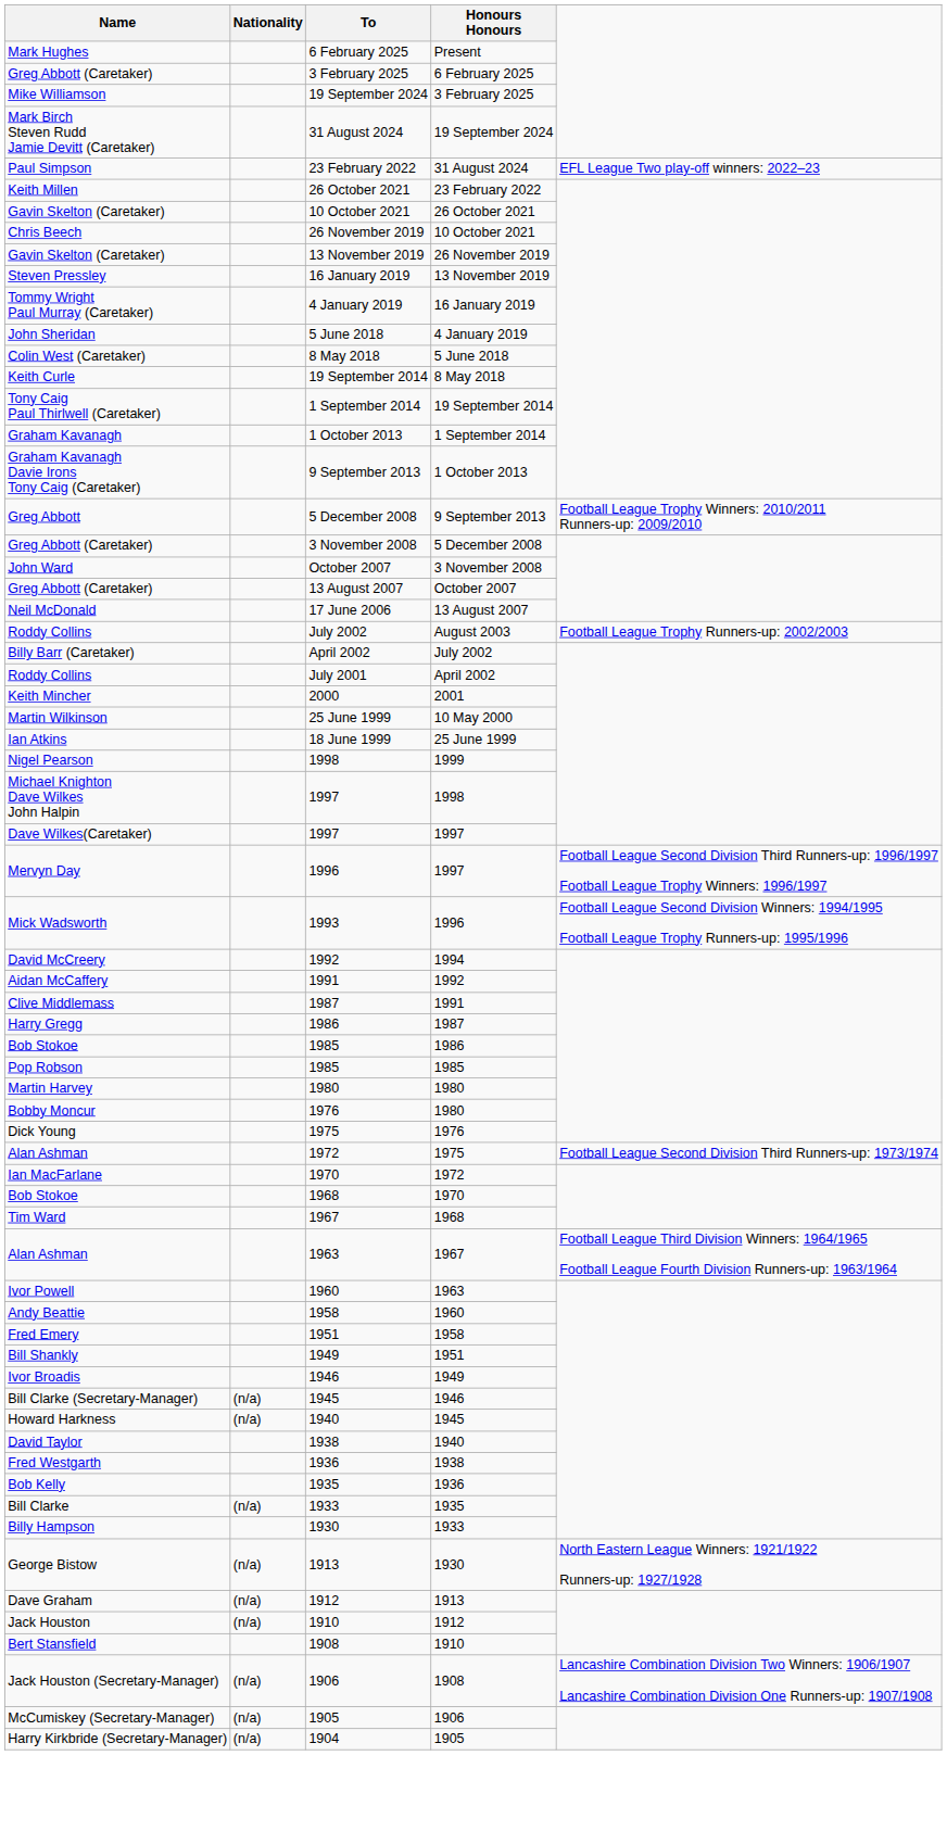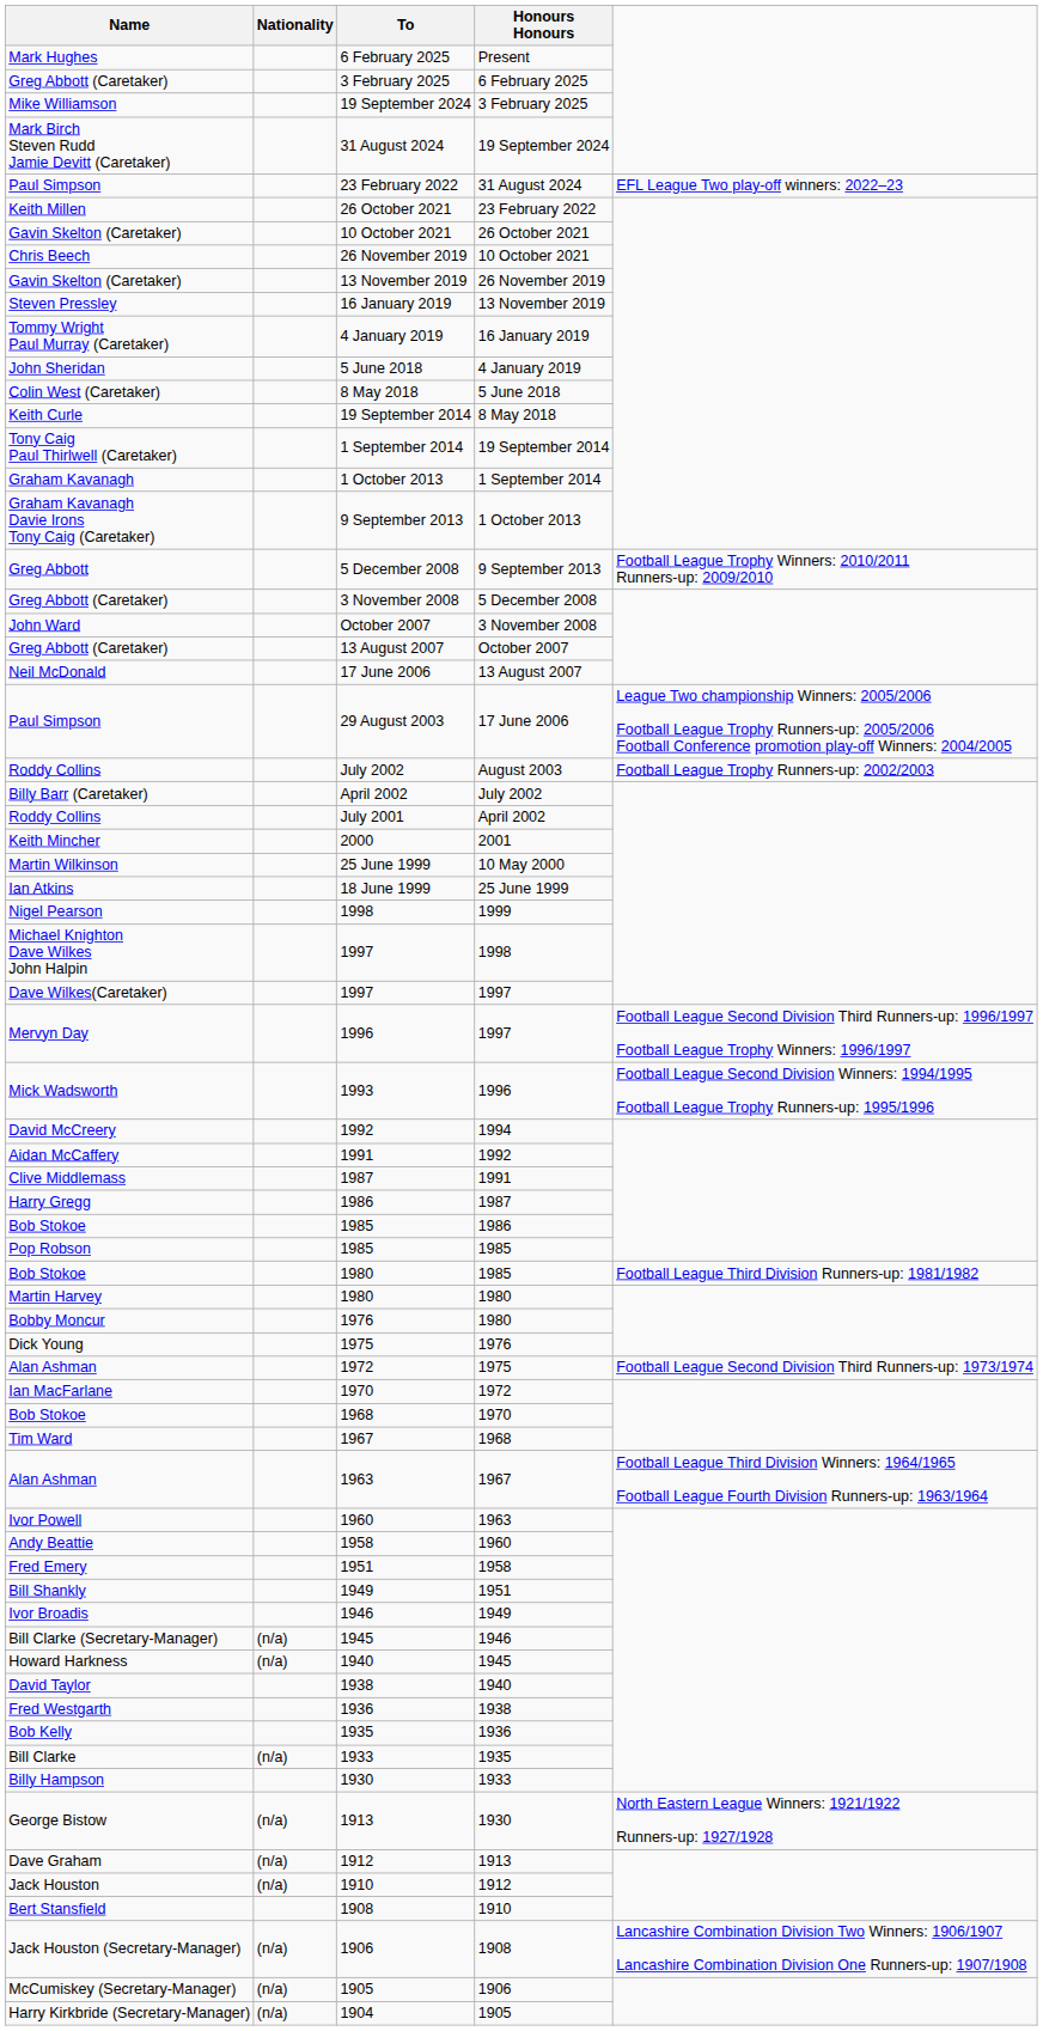 <table class="wikitable sortable">
 <tr>
 <th>Name</th>
 <th>Nationality</th>
 <th>To</th>
 <th class="unsortable">Honours<br>Honours</th>
 </tr>
 <tr>
 <td align=left><a href='#'>Mark Hughes</a></td>
 <td></td>
 <td align=left>6 February 2025</td>
 <td align=left>Present</td>
 </tr>
 <tr>
 <td align=left><a href='#'>Greg Abbott</a> (Caretaker)</td>
 <td></td>
 <td align=left>3 February 2025</td>
 <td align=left>6 February 2025</td>
 </tr>
 <tr>
 <td align=left><a href='#'>Mike Williamson</a></td>
 <td></td>
 <td align=left>19 September 2024</td>
 <td align=left>3 February 2025</td>
 </tr>
 <tr>
 <td align=left><a href='#'>Mark Birch</a><br>Steven Rudd<br><a href='#'>Jamie Devitt</a> (Caretaker)</td>
 <td><br><br></td>
 <td align=left>31 August 2024</td>
 <td align=left>19 September 2024</td>
 </tr>
 <tr>
 <td align=left><a href='#'>Paul Simpson</a></td>
 <td></td>
 <td align=left>23 February 2022</td>
 <td align=left>31 August 2024</td>
 <td align=left><a href='#'>EFL League Two play-off</a> winners: <a href='#'>2022–23</a></td>
 </tr>
 <tr>
 <td align=left><a href='#'>Keith Millen</a></td>
 <td></td>
 <td align=left>26 October 2021</td>
 <td align=left>23 February 2022</td>
 </tr>
 <tr>
 <td align=left><a href='#'>Gavin Skelton</a> (Caretaker)</td>
 <td></td>
 <td align=left>10 October 2021</td>
 <td align=left>26 October 2021</td>
 </tr>
 <tr>
 <td align=left><a href='#'>Chris Beech</a></td>
 <td></td>
 <td align=left>26 November 2019</td>
 <td align=left>10 October 2021</td>
 </tr>
 <tr>
 <td align=left><a href='#'>Gavin Skelton</a> (Caretaker)</td>
 <td></td>
 <td align=left>13 November 2019</td>
 <td align=left>26 November 2019</td>
 </tr>
 <tr>
 <td align=left><a href='#'>Steven Pressley</a></td>
 <td></td>
 <td align=left>16 January 2019</td>
 <td align=left>13 November 2019</td>
 </tr>
 <tr>
 <td align=left><a href='#'>Tommy Wright</a><br><a href='#'>Paul Murray</a> (Caretaker)</td>
 <td><br></td>
 <td align=left>4 January  2019</td>
 <td align=left>16 January 2019</td>
 </tr>
 <tr>
 <td align=left><a href='#'>John Sheridan</a></td>
 <td></td>
 <td align=left>5 June 2018</td>
 <td align=left>4 January 2019</td>
 </tr>
 <tr>
 <td align=left><a href='#'>Colin West</a> (Caretaker)</td>
 <td></td>
 <td align=left>8 May 2018</td>
 <td align=left>5 June 2018</td>
 </tr>
 <tr>
 <td align=left><a href='#'>Keith Curle</a></td>
 <td></td>
 <td align=left>19 September 2014</td>
 <td align=left>8 May 2018</td>
 </tr>
 <tr>
 <td align=left><a href='#'>Tony Caig</a><br><a href='#'>Paul Thirlwell</a> (Caretaker)</td>
 <td><br></td>
 <td align=left>1 September 2014</td>
 <td align=left>19 September 2014</td>
 </tr>
 <tr>
 <td align=left><a href='#'>Graham Kavanagh</a></td>
 <td></td>
 <td align=left>1 October 2013</td>
 <td align=left>1 September 2014</td>
 </tr>
 <tr>
 <td align=left><a href='#'>Graham Kavanagh</a><br><a href='#'>Davie Irons</a><br><a href='#'>Tony Caig</a> (Caretaker)</td>
 <td><br><br></td>
 <td align=left>9 September 2013</td>
 <td align=left>1 October 2013</td>
 </tr>
 <tr>
 <td align=left><a href='#'>Greg Abbott</a></td>
 <td></td>
 <td align=left>5 December 2008</td>
 <td align=left>9 September 2013</td>
 <td align=left><a href='#'>Football League Trophy</a> Winners: <a href='#'>2010/2011</a><br>Runners-up: <a href='#'>2009/2010</a></td>
 </tr>
 <tr>
 <td align=left><a href='#'>Greg Abbott</a> (Caretaker)</td>
 <td></td>
 <td align=left>3 November 2008</td>
 <td align=left>5 December 2008</td>
 </tr>
 <tr>
 <td align=left><a href='#'>John Ward</a></td>
 <td></td>
 <td align=left>October 2007</td>
 <td align=left>3 November 2008</td>
 </tr>
 <tr>
 <td align=left><a href='#'>Greg Abbott</a> (Caretaker)</td>
 <td></td>
 <td align=left>13 August 2007</td>
 <td align=left>October 2007</td>
 </tr>
 <tr>
 <td align=left><a href='#'>Neil McDonald</a></td>
 <td></td>
 <td align=left>17 June 2006</td>
 <td align=left>13 August 2007</td>
 </tr>
 <tr>
+<td align=left><a href='#'>Paul Simpson</a></td>
+<td></td>
+<td align=left>29 August 2003</td>
+<td align=left>17 June 2006</td>
+<td align=left><a href='#'>League Two championship</a> Winners: <a href='#'>2005/2006</a><br><br><a href='#'>Football League Trophy</a> Runners-up: <a href='#'>2005/2006</a><br> <a href='#'>Football Conference</a> <a href='#'>promotion play-off</a> Winners: <a href='#'>2004/2005</a></td>
+</tr>
+<tr>
 <td align=left><a href='#'>Roddy Collins</a></td>
 <td></td>
 <td align=left>July 2002</td>
 <td align=left>August 2003</td>
 <td align=left><a href='#'>Football League Trophy</a> Runners-up: <a href='#'>2002/2003</a></td>
 </tr>
 <tr>
 <td align=left><a href='#'>Billy Barr</a> (Caretaker)</td>
 <td></td>
 <td align=left>April 2002</td>
 <td align=left>July 2002</td>
 </tr>
 <tr>
 <td align=left><a href='#'>Roddy Collins</a></td>
 <td></td>
 <td align=left>July 2001</td>
 <td align=left>April 2002</td>
 </tr>
 <tr>
 <td align=left><a href='#'>Keith Mincher</a></td>
 <td></td>
 <td align=left>2000</td>
 <td align=left>2001</td>
 </tr>
 <tr>
 <td align=left><a href='#'>Martin Wilkinson</a></td>
 <td></td>
 <td align=left>25 June 1999</td>
 <td align=left>10 May 2000</td>
 </tr>
 <tr>
 <td align=left><a href='#'>Ian Atkins</a></td>
 <td></td>
 <td align=left>18 June 1999</td>
 <td align=left>25 June 1999</td>
 </tr>
 <tr>
 <td align=left><a href='#'>Nigel Pearson</a></td>
 <td></td>
 <td align=left>1998</td>
 <td align=left>1999</td>
 </tr>
 <tr>
 <td align=left><a href='#'>Michael Knighton</a><br><a href='#'>Dave Wilkes</a><br>John Halpin</td>
 <td><br><br></td>
 <td align=left>1997</td>
 <td align=left>1998</td>
 </tr>
 <tr>
 <td align=left><a href='#'>Dave Wilkes</a>(Caretaker)</td>
 <td></td>
 <td align=left>1997</td>
 <td align=left>1997</td>
 </tr>
 <tr>
 <td align=left><a href='#'>Mervyn Day</a></td>
 <td></td>
 <td align=left>1996</td>
 <td align=left>1997</td>
 <td align=left><a href='#'>Football League Second Division</a> Third Runners-up: <a href='#'>1996/1997</a><br><br><a href='#'>Football League Trophy</a> Winners: <a href='#'>1996/1997</a></td>
 </tr>
 <tr>
 <td align=left><a href='#'>Mick Wadsworth</a></td>
 <td></td>
 <td align=left>1993</td>
 <td align=left>1996</td>
 <td align=left><a href='#'>Football League Second Division</a> Winners: <a href='#'>1994/1995</a><br><br><a href='#'>Football League Trophy</a> Runners-up: <a href='#'>1995/1996</a></td>
 </tr>
 <tr>
 <td align=left><a href='#'>David McCreery</a></td>
 <td></td>
 <td align=left>1992</td>
 <td align=left>1994</td>
 </tr>
 <tr>
 <td align=left><a href='#'>Aidan McCaffery</a></td>
 <td></td>
 <td align=left>1991</td>
 <td align=left>1992</td>
 </tr>
 <tr>
 <td align=left><a href='#'>Clive Middlemass</a></td>
 <td></td>
 <td align=left>1987</td>
 <td align=left>1991</td>
 </tr>
 <tr>
 <td align=left><a href='#'>Harry Gregg</a></td>
 <td></td>
 <td align=left>1986</td>
 <td align=left>1987</td>
 </tr>
 <tr>
 <td align=left><a href='#'>Bob Stokoe</a></td>
 <td></td>
 <td align=left>1985</td>
 <td align=left>1986</td>
 </tr>
 <tr>
 <td align=left><a href='#'>Pop Robson</a></td>
 <td></td>
 <td align=left>1985</td>
 <td align=left>1985</td>
+</tr>
+<tr>
+<td align=left><a href='#'>Bob Stokoe</a></td>
+<td></td>
+<td align=left>1980</td>
+<td align=left>1985</td>
+<td align=left><a href='#'>Football League Third Division</a> Runners-up: <a href='#'>1981/1982</a></td>
 </tr>
 <tr>
 <td align=left><a href='#'>Martin Harvey</a></td>
 <td></td>
 <td align=left>1980</td>
 <td align=left>1980</td>
 </tr>
 <tr>
 <td align=left><a href='#'>Bobby Moncur</a></td>
 <td></td>
 <td align=left>1976</td>
 <td align=left>1980</td>
 </tr>
 <tr>
 <td align=left>Dick Young</td>
 <td></td>
 <td align=left>1975</td>
 <td align=left>1976</td>
 </tr>
 <tr>
 <td align=left><a href='#'>Alan Ashman</a></td>
 <td></td>
 <td align=left>1972</td>
 <td align=left>1975</td>
 <td align=left><a href='#'>Football League Second Division</a> Third Runners-up: <a href='#'>1973/1974</a><br></td>
 </tr>
 <tr>
 <td align=left><a href='#'>Ian MacFarlane</a></td>
 <td></td>
 <td align=left>1970</td>
 <td align=left>1972</td>
 </tr>
 <tr>
 <td align=left><a href='#'>Bob Stokoe</a></td>
 <td></td>
 <td align=left>1968</td>
 <td align=left>1970</td>
 </tr>
 <tr>
 <td align=left><a href='#'>Tim Ward</a></td>
 <td></td>
 <td align=left>1967</td>
 <td align=left>1968</td>
 </tr>
 <tr>
 <td align=left><a href='#'>Alan Ashman</a></td>
 <td></td>
 <td align=left>1963</td>
 <td align=left>1967</td>
 <td align=left><a href='#'>Football League Third Division</a> Winners: <a href='#'>1964/1965</a><br><br><a href='#'>Football League Fourth Division</a> Runners-up: <a href='#'>1963/1964</a></td>
 </tr>
 <tr>
 <td align=left><a href='#'>Ivor Powell</a></td>
 <td></td>
 <td align=left>1960</td>
 <td align=left>1963</td>
 </tr>
 <tr>
 <td align=left><a href='#'>Andy Beattie</a></td>
 <td></td>
 <td align=left>1958</td>
 <td align=left>1960</td>
 </tr>
 <tr>
 <td align=left><a href='#'>Fred Emery</a></td>
 <td></td>
 <td align=left>1951</td>
 <td align=left>1958</td>
 </tr>
 <tr>
 <td align=left><a href='#'>Bill Shankly</a></td>
 <td></td>
 <td align=left>1949</td>
 <td align=left>1951</td>
 </tr>
 <tr>
 <td align=left><a href='#'>Ivor Broadis</a></td>
 <td></td>
 <td align=left>1946</td>
 <td align=left>1949</td>
 </tr>
 <tr>
 <td align=left>Bill Clarke (Secretary-Manager)</td>
 <td>(n/a)</td>
 <td align=left>1945</td>
 <td align=left>1946</td>
 </tr>
 <tr>
 <td align=left>Howard Harkness</td>
 <td>(n/a)</td>
 <td align=left>1940</td>
 <td align=left>1945</td>
 </tr>
 <tr>
 <td align=left><a href='#'>David Taylor</a></td>
 <td></td>
 <td align=left>1938</td>
 <td align=left>1940</td>
 </tr>
 <tr>
 <td align=left><a href='#'>Fred Westgarth</a></td>
 <td></td>
 <td align=left>1936</td>
 <td align=left>1938</td>
 </tr>
 <tr>
 <td align=left><a href='#'>Bob Kelly</a></td>
 <td></td>
 <td align=left>1935</td>
 <td align=left>1936</td>
 </tr>
 <tr>
 <td align=left>Bill Clarke</td>
 <td>(n/a)</td>
 <td align=left>1933</td>
 <td align=left>1935</td>
 </tr>
 <tr>
 <td align=left><a href='#'>Billy Hampson</a></td>
 <td></td>
 <td align=left>1930</td>
 <td align=left>1933</td>
 </tr>
 <tr>
 <td align=left>George Bistow</td>
 <td>(n/a)</td>
 <td align=left>1913</td>
 <td align=left>1930</td>
 <td align=left><a href='#'>North Eastern League</a> Winners: <a href='#'>1921/1922</a><br><br>Runners-up: <a href='#'>1927/1928</a></td>
 </tr>
 <tr>
 <td align=left>Dave Graham</td>
 <td>(n/a)</td>
 <td align=left>1912</td>
 <td align=left>1913</td>
 </tr>
 <tr>
 <td align=left>Jack Houston</td>
 <td>(n/a)</td>
 <td align=left>1910</td>
 <td align=left>1912</td>
 </tr>
 <tr>
 <td align=left><a href='#'>Bert Stansfield</a></td>
 <td></td>
 <td align=left>1908</td>
 <td align=left>1910</td>
 </tr>
 <tr>
 <td align=left>Jack Houston (Secretary-Manager)</td>
 <td>(n/a)</td>
 <td align=left>1906</td>
 <td align=left>1908</td>
 <td align=left><a href='#'> Lancashire Combination Division Two</a> Winners: <a href='#'>1906/1907</a><br><br><a href='#'> Lancashire Combination Division One</a> Runners-up: <a href='#'>1907/1908</a></td>
 </tr>
 <tr>
 <td align=left>McCumiskey (Secretary-Manager)</td>
 <td>(n/a)</td>
 <td align=left>1905</td>
 <td align=left>1906</td>
 </tr>
 <tr>
 <td align=left>Harry Kirkbride (Secretary-Manager)</td>
 <td>(n/a)</td>
 <td align=left>1904</td>
 <td align=left>1905</td>
 </tr>
 </table>
